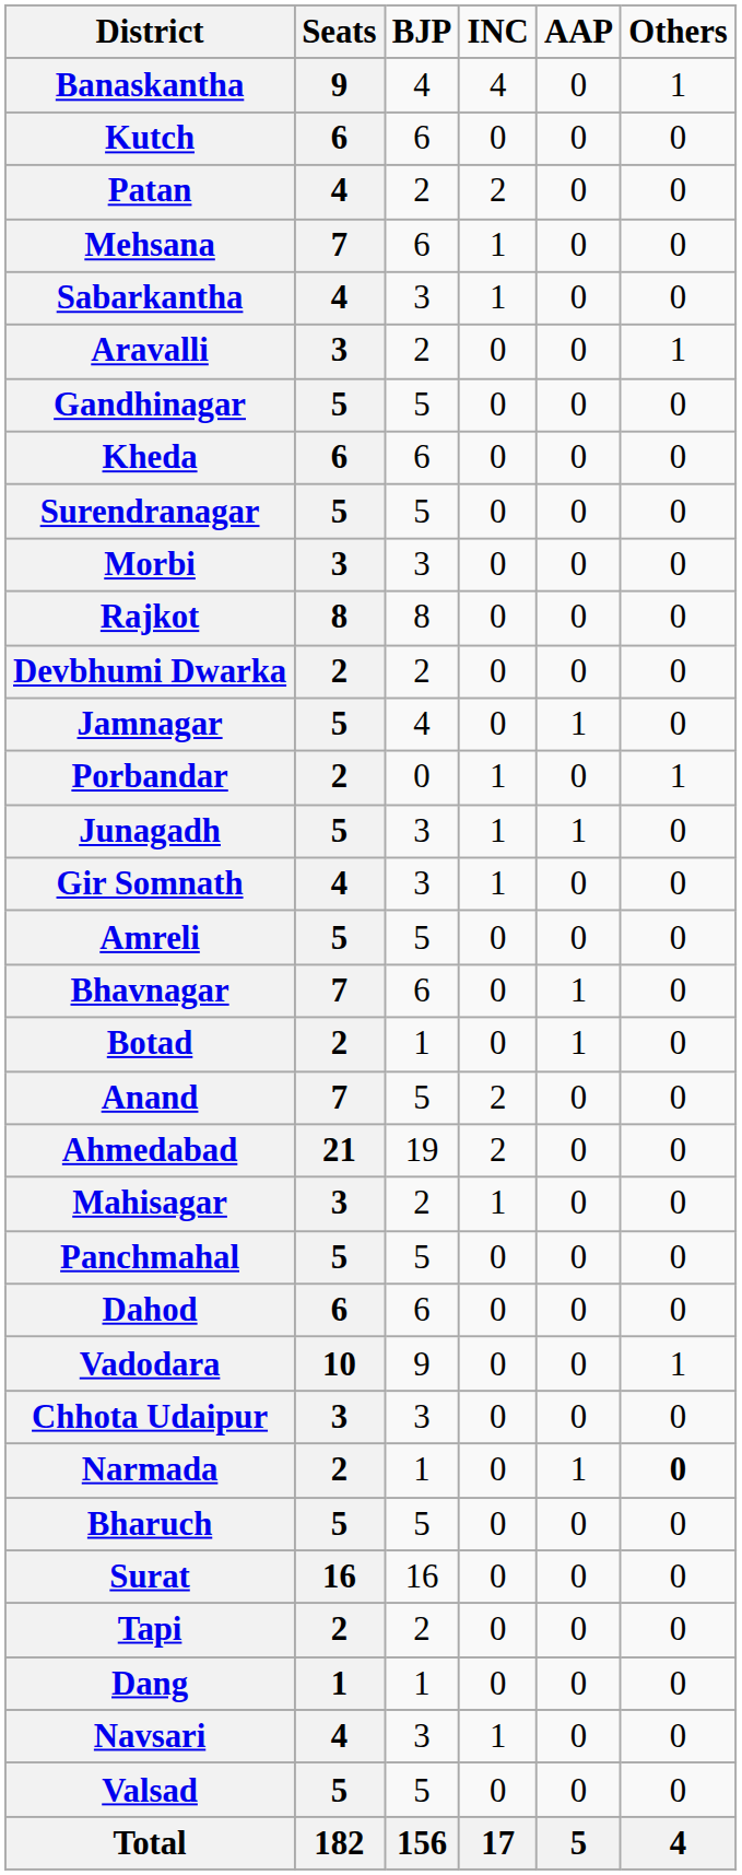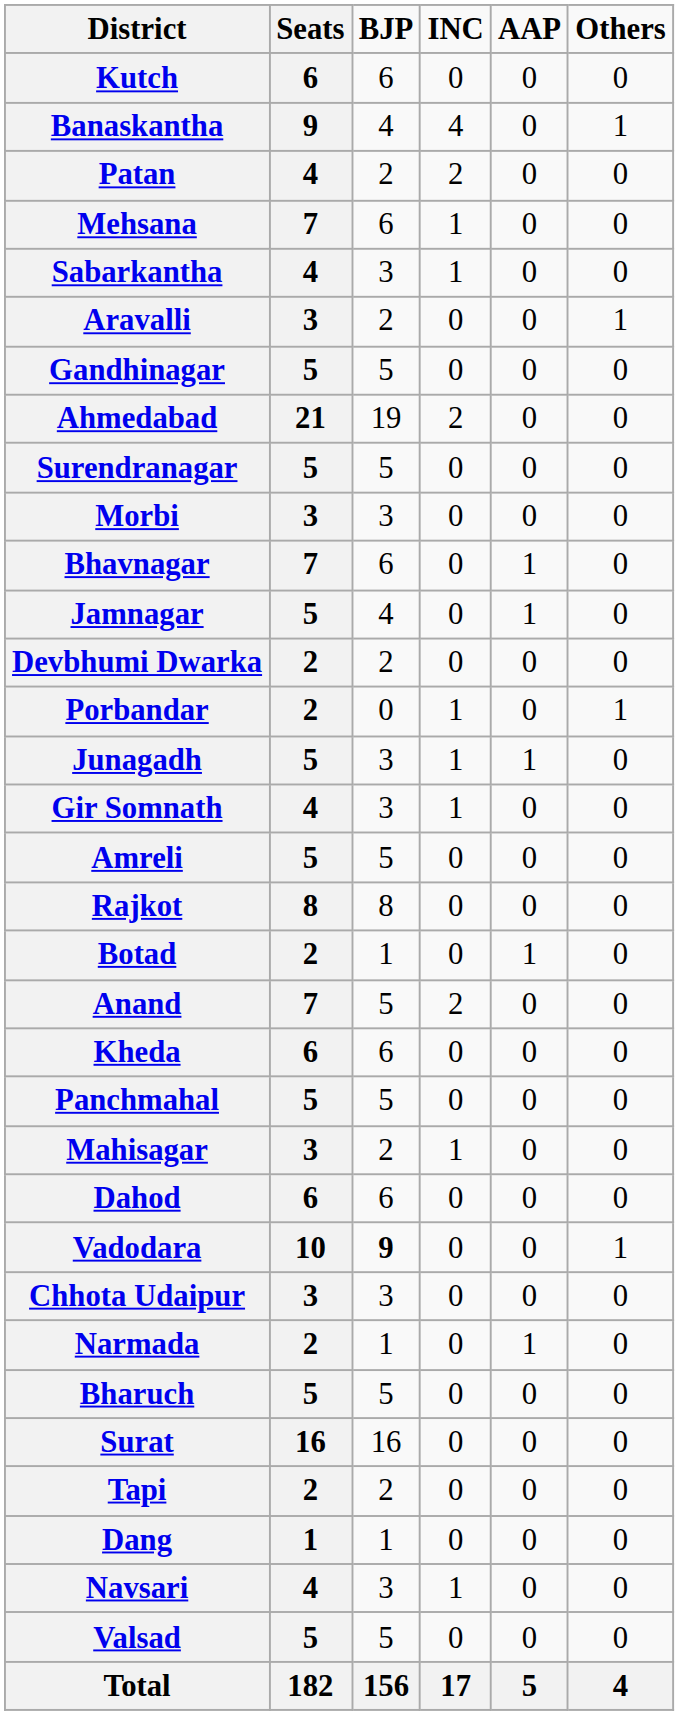 <table class="wikitable sortable" style="text-align:center;">
 <tr>
 <th>District</th>
 <th>Seats</th>
 <td><span><strong>BJP</strong></span></td>
 <td><span><strong>INC</strong></span></td>
 <td><span><strong>AAP</strong></span></td>
 <td><span><strong>Others</strong></span></td>
 </tr>
 <tr>
+<th><a href='#'>Kutch</a></th>
+<th>6</th>
+<td style="background:">6</td>
+<td>0</td>
+<td>0</td>
+<td>0</td>
+</tr>
+<tr>
 <th><a href='#'>Banaskantha</a></th>
 <th>9</th>
 <td>4</td>
 <td>4</td>
 <td>0</td>
 <td>1</td>
-</tr>
-<tr>
-<th><a href='#'>Kutch</a></th>
-<th>6</th>
-<td style="background:">6</td>
-<td>0</td>
-<td>0</td>
-<td>0</td>
 </tr>
 <tr>
 <th><a href='#'>Patan</a></th>
 <th>4</th>
 <td>2</td>
 <td>2</td>
 <td>0</td>
 <td>0</td>
 </tr>
 <tr>
 <th><a href='#'>Mehsana</a></th>
 <th>7</th>
 <td style="background:">6</td>
 <td>1</td>
 <td>0</td>
 <td>0</td>
 </tr>
 <tr>
 <th><a href='#'>Sabarkantha</a></th>
 <th>4</th>
 <td style="background:">3</td>
 <td>1</td>
 <td>0</td>
 <td>0</td>
 </tr>
 <tr>
 <th><a href='#'>Aravalli</a></th>
 <th>3</th>
 <td style="background:">2</td>
 <td>0</td>
 <td>0</td>
 <td>1</td>
 </tr>
 <tr>
 <th><a href='#'>Gandhinagar</a></th>
 <th>5</th>
 <td style="background:">5</td>
 <td>0</td>
 <td>0</td>
 <td>0</td>
 </tr>
 <tr>
-<th><a href='#'>Kheda</a></th>
-<th>6</th>
-<td style="background:">6</td>
-<td>0</td>
+<th><a href='#'>Ahmedabad</a></th>
+<th>21</th>
+<td style="background:">19</td>
+<td>2</td>
 <td>0</td>
 <td>0</td>
 </tr>
 <tr>
 <th><a href='#'>Surendranagar</a></th>
 <th>5</th>
 <td style="background:">5</td>
 <td>0</td>
 <td>0</td>
 <td>0</td>
 </tr>
 <tr>
 <th><a href='#'>Morbi</a></th>
 <th>3</th>
 <td style="background:">3</td>
 <td>0</td>
 <td>0</td>
 <td>0</td>
 </tr>
 <tr>
-<th><a href='#'>Rajkot</a></th>
-<th>8</th>
-<td style="background:">8</td>
+<th><a href='#'>Bhavnagar</a></th>
+<th>7</th>
+<td style="background:">6</td>
 <td>0</td>
+<td>1</td>
 <td>0</td>
+</tr>
+<tr>
+<th><a href='#'>Jamnagar</a></th>
+<th>5</th>
+<td style="background:">4</td>
+<td>0</td>
+<td>1</td>
 <td>0</td>
 </tr>
 <tr>
 <th><a href='#'>Devbhumi Dwarka</a></th>
 <th>2</th>
 <td style="background:">2</td>
 <td>0</td>
 <td>0</td>
-<td>0</td>
-</tr>
-<tr>
-<th><a href='#'>Jamnagar</a></th>
-<th>5</th>
-<td style="background:">4</td>
-<td>0</td>
-<td>1</td>
 <td>0</td>
 </tr>
 <tr>
 <th><a href='#'>Porbandar</a></th>
 <th>2</th>
 <td>0</td>
 <td>1</td>
 <td>0</td>
 <td>1</td>
 </tr>
 <tr>
 <th><a href='#'>Junagadh</a></th>
 <th>5</th>
 <td style="background:">3</td>
 <td>1</td>
 <td>1</td>
 <td>0</td>
 </tr>
 <tr>
 <th><a href='#'>Gir Somnath</a></th>
 <th>4</th>
 <td style="background:">3</td>
 <td>1</td>
 <td>0</td>
 <td>0</td>
 </tr>
 <tr>
 <th><a href='#'>Amreli</a></th>
 <th>5</th>
 <td style="background:">5</td>
 <td>0</td>
 <td>0</td>
 <td>0</td>
 </tr>
 <tr>
-<th><a href='#'>Bhavnagar</a></th>
-<th>7</th>
-<td style="background:">6</td>
+<th><a href='#'>Rajkot</a></th>
+<th>8</th>
+<td style="background:">8</td>
 <td>0</td>
-<td>1</td>
+<td>0</td>
 <td>0</td>
 </tr>
 <tr>
 <th><a href='#'>Botad</a></th>
 <th>2</th>
 <td>1</td>
 <td>0</td>
 <td>1</td>
 <td>0</td>
 </tr>
 <tr>
 <th><a href='#'>Anand</a></th>
 <th>7</th>
 <td style="background:">5</td>
 <td>2</td>
 <td>0</td>
 <td>0</td>
 </tr>
 <tr>
-<th><a href='#'>Ahmedabad</a></th>
-<th>21</th>
-<td style="background:">19</td>
-<td>2</td>
+<th><a href='#'>Kheda</a></th>
+<th>6</th>
+<td style="background:">6</td>
+<td>0</td>
+<td>0</td>
+<td>0</td>
+</tr>
+<tr>
+<th><a href='#'>Panchmahal</a></th>
+<th>5</th>
+<td style="background:">5</td>
+<td>0</td>
 <td>0</td>
 <td>0</td>
 </tr>
 <tr>
 <th><a href='#'>Mahisagar</a></th>
 <th>3</th>
 <td style="background:">2</td>
 <td>1</td>
-<td>0</td>
-<td>0</td>
-</tr>
-<tr>
-<th><a href='#'>Panchmahal</a></th>
-<th>5</th>
-<td style="background:">5</td>
-<td>0</td>
 <td>0</td>
 <td>0</td>
 </tr>
 <tr>
 <th><a href='#'>Dahod</a></th>
 <th>6</th>
 <td style="background:">6</td>
 <td>0</td>
 <td>0</td>
 <td>0</td>
 </tr>
 <tr>
 <th><a href='#'>Vadodara</a></th>
 <th>10</th>
-<td style="background:">9</td>
+<td style="background:"><strong>9</strong></td>
 <td>0</td>
 <td>0</td>
 <td>1</td>
 </tr>
 <tr>
 <th><a href='#'>Chhota Udaipur</a></th>
 <th>3</th>
 <td style="background:">3</td>
 <td>0</td>
 <td>0</td>
 <td>0</td>
 </tr>
 <tr>
 <th><a href='#'>Narmada</a></th>
 <th>2</th>
 <td>1</td>
 <td>0</td>
 <td>1</td>
-<td><strong>0</strong></td>
+<td>0</td>
 </tr>
 <tr>
 <th><a href='#'>Bharuch</a></th>
 <th>5</th>
 <td style="background:">5</td>
 <td>0</td>
 <td>0</td>
 <td>0</td>
 </tr>
 <tr>
 <th><a href='#'>Surat</a></th>
 <th>16</th>
 <td style="background:">16</td>
 <td>0</td>
 <td>0</td>
 <td>0</td>
 </tr>
 <tr>
 <th><a href='#'>Tapi</a></th>
 <th>2</th>
 <td style="background:">2</td>
 <td>0</td>
 <td>0</td>
 <td>0</td>
 </tr>
 <tr>
 <th><a href='#'>Dang</a></th>
 <th>1</th>
 <td style="background:">1</td>
 <td>0</td>
 <td>0</td>
 <td>0</td>
 </tr>
 <tr>
 <th><a href='#'>Navsari</a></th>
 <th>4</th>
 <td style="background:">3</td>
 <td>1</td>
 <td>0</td>
 <td>0</td>
 </tr>
 <tr>
 <th><a href='#'>Valsad</a></th>
 <th>5</th>
 <td style="background:">5</td>
 <td>0</td>
 <td>0</td>
 <td>0</td>
 </tr>
 <tr>
 <th>Total</th>
 <th>182</th>
 <th>156</th>
 <th>17</th>
 <th>5</th>
 <th>4</th>
 </tr>
 </table>
